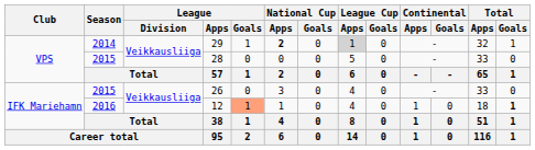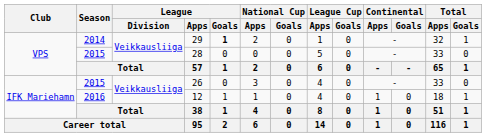 <table class="wikitable" style="text-align: center;">
 <tr>
 <th rowspan="2">Club</th>
 <th rowspan="2">Season</th>
 <th colspan="3">League</th>
 <th colspan="2">National Cup</th>
 <th colspan="2">League Cup</th>
 <th colspan="2">Continental</th>
 <th colspan="2">Total</th>
 </tr>
 <tr>
 <th>Division</th>
 <th>Apps</th>
 <th>Goals</th>
 <th>Apps</th>
 <th>Goals</th>
 <th>Apps</th>
 <th>Goals</th>
 <th>Apps</th>
 <th>Goals</th>
 <th>Apps</th>
 <th>Goals</th>
 </tr>
 <tr>
 <td rowspan="3" valign="center"><a href='#'>VPS</a></td>
 <td><a href='#'>2014</a></td>
 <td rowspan="2" valign="center"><a href='#'>Veikkausliiga</a></td>
 <td>29</td>
+<td><strong>1</strong></td>
+<td>2</td>
+<td>0</td>
 <td>1</td>
-<td><strong>2</strong></td>
-<td>0</td>
-<td style="background: lightgrey;">1</td>
 <td>0</td>
 <td colspan="2">-</td>
 <td>32</td>
 <td>1</td>
 </tr>
 <tr>
 <td><a href='#'>2015</a></td>
 <td>28</td>
 <td>0</td>
 <td>0</td>
 <td>0</td>
 <td>5</td>
 <td>0</td>
 <td colspan="2">-</td>
 <td>33</td>
 <td>0</td>
 </tr>
 <tr>
 <th colspan="2">Total</th>
 <th>57</th>
 <th>1</th>
 <th>2</th>
 <th>0</th>
 <th>6</th>
 <th>0</th>
 <th>-</th>
 <th>-</th>
 <th>65</th>
 <th>1</th>
 </tr>
 <tr>
 <td rowspan="3" valign="center"><a href='#'>IFK Mariehamn</a></td>
 <td><a href='#'>2015</a></td>
 <td rowspan="2" valign="center"><a href='#'>Veikkausliiga</a></td>
 <td>26</td>
 <td>0</td>
 <td>3</td>
 <td>0</td>
 <td>4</td>
 <td>0</td>
 <td colspan="2">-</td>
 <td>33</td>
 <td>0</td>
 </tr>
 <tr>
 <td><a href='#'>2016</a></td>
 <td>12</td>
-<td style="background: lightsalmon;">1</td>
+<td>1</td>
 <td>1</td>
 <td>0</td>
 <td>4</td>
 <td>0</td>
 <td>1</td>
 <td>0</td>
 <td>18</td>
-<td><strong>1</strong></td>
+<td>1</td>
 </tr>
 <tr>
 <th colspan="2">Total</th>
 <th>38</th>
 <th>1</th>
 <th>4</th>
 <th>0</th>
 <th>8</th>
 <th>0</th>
 <th>1</th>
 <th>0</th>
 <th>51</th>
 <th>1</th>
 </tr>
 <tr>
 <th colspan="3">Career total</th>
 <th>95</th>
 <th>2</th>
 <th>6</th>
 <th>0</th>
 <th>14</th>
 <th>0</th>
 <th>1</th>
 <th>0</th>
 <th>116</th>
 <th>1</th>
 </tr>
 </table>
